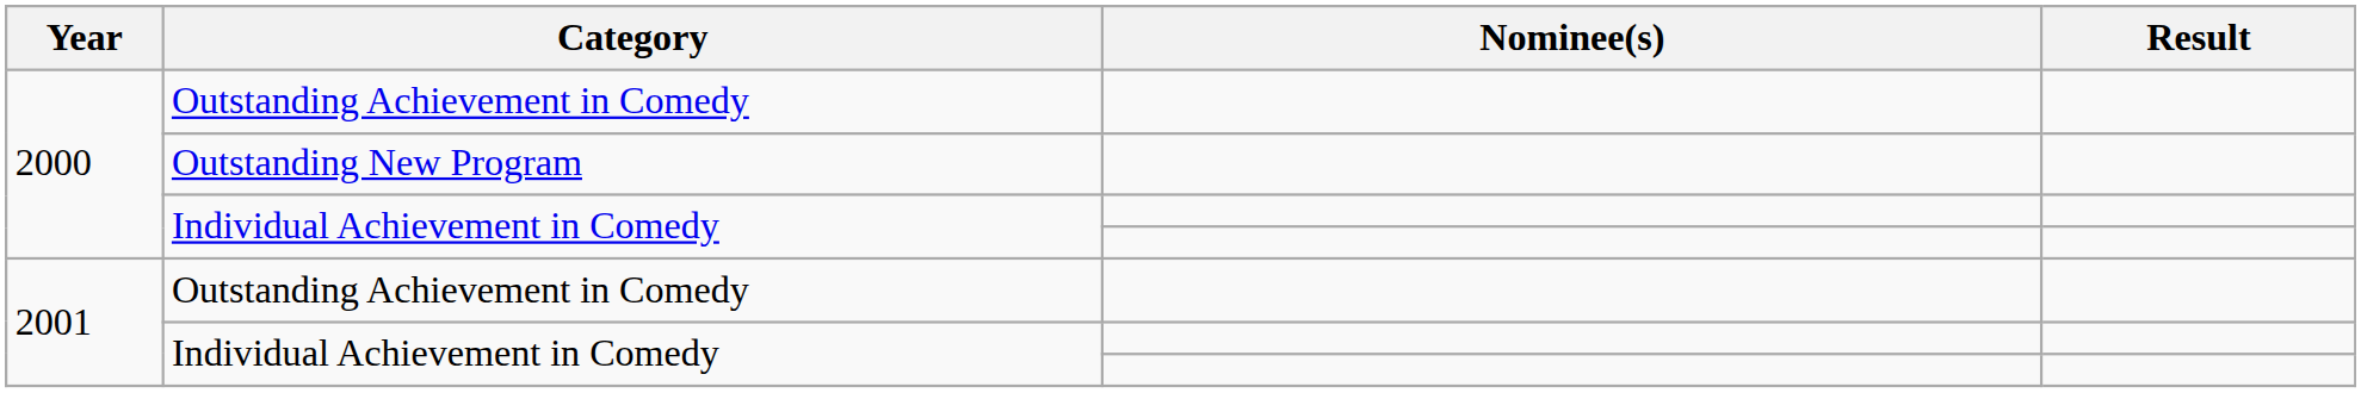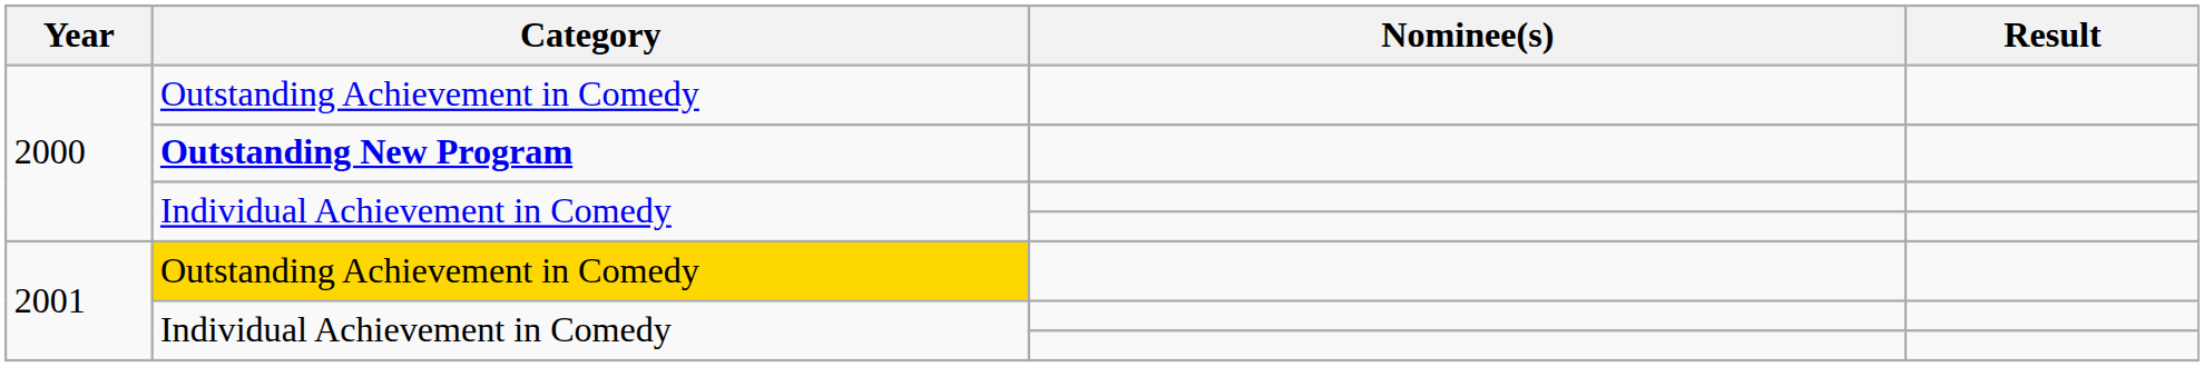 <table class="wikitable" style="font-size: 90%" width=100%>
 <tr>
 <th width="5%">Year</th>
 <th width="30%">Category</th>
 <th width="30%">Nominee(s)</th>
 <th width="10%">Result</th>
 </tr>
 <tr>
 <td rowspan="4">2000</td>
 <td><a href='#'>Outstanding Achievement in Comedy</a></td>
 <td></td>
 <td></td>
 </tr>
 <tr>
-<td><a href='#'>Outstanding New Program</a></td>
+<td><strong><a href='#'>Outstanding New Program</a></strong></td>
 <td></td>
 <td></td>
 </tr>
 <tr>
 <td rowspan="2"><a href='#'>Individual Achievement in Comedy</a></td>
 <td></td>
 <td></td>
 </tr>
 <tr>
 <td></td>
 <td></td>
 </tr>
 <tr>
 <td rowspan="3">2001</td>
-<td>Outstanding Achievement in Comedy</td>
+<td style="background: gold;">Outstanding Achievement in Comedy</td>
 <td></td>
 <td></td>
 </tr>
 <tr>
 <td rowspan="2">Individual Achievement in Comedy</td>
 <td></td>
 <td></td>
 </tr>
 <tr>
 <td></td>
 <td></td>
 </tr>
 </table>
